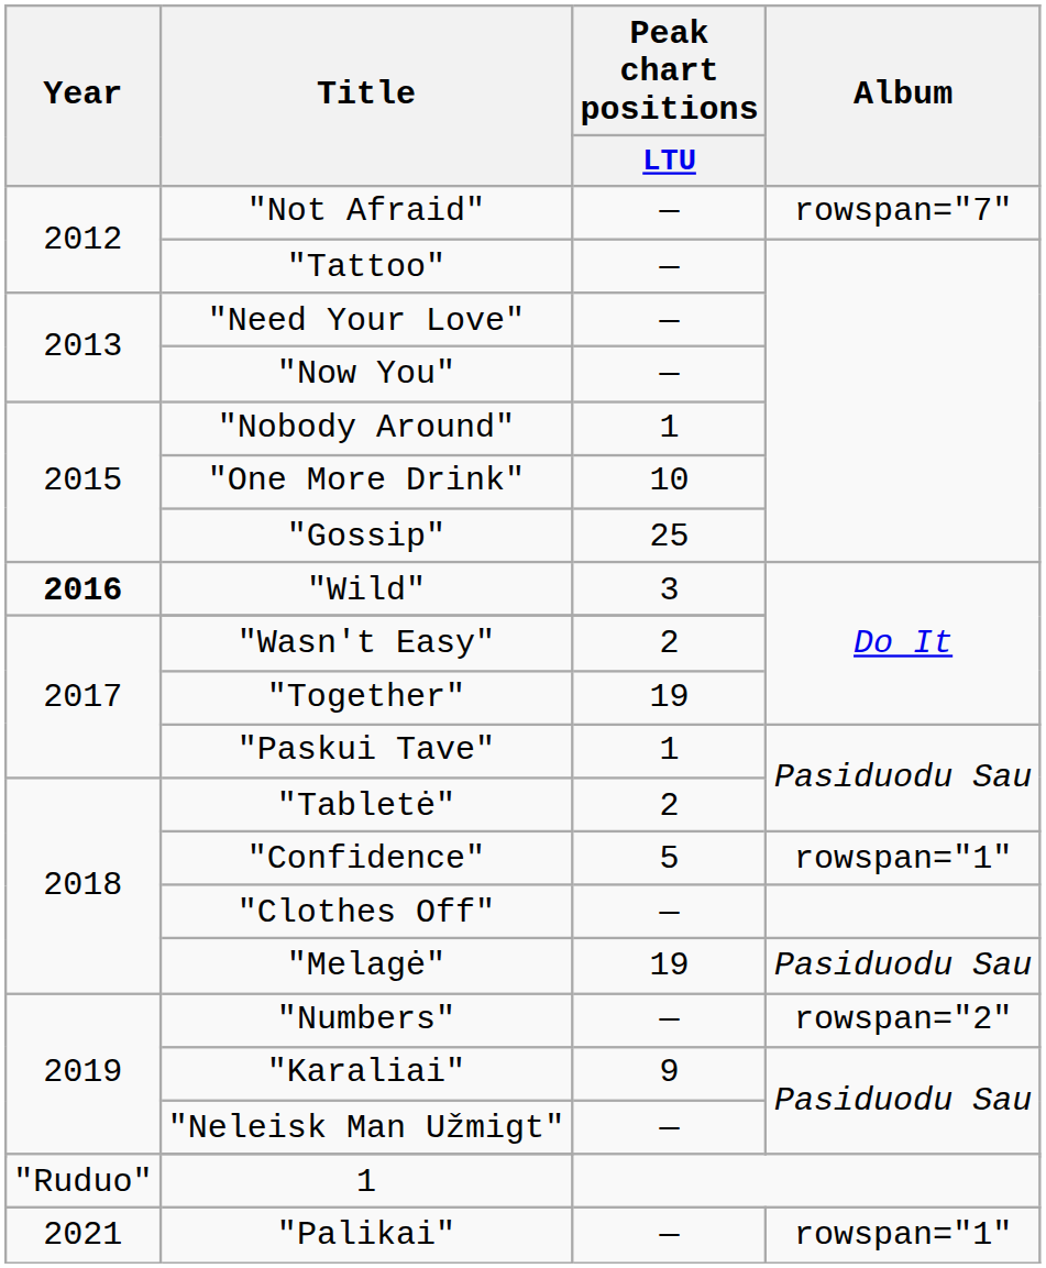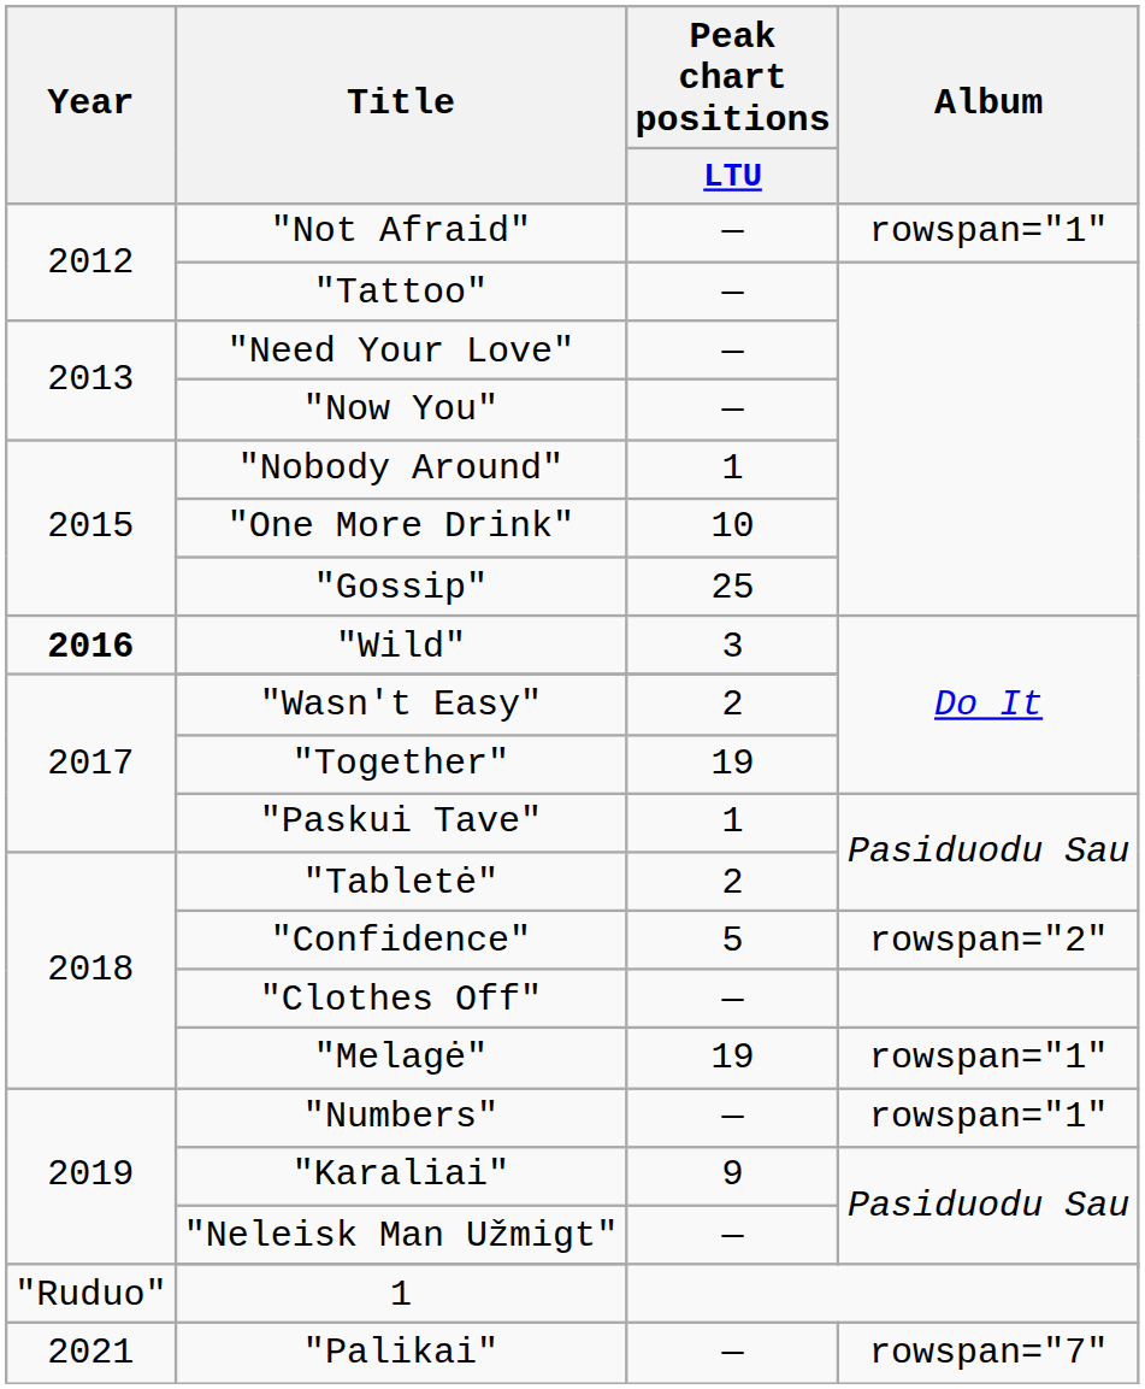 <table class="wikitable plainrowheaders" style="text-align:center;">
 <tr>
 <th scope="col" rowspan="2">Year</th>
 <th scope="col" rowspan="2">Title</th>
 <th scope="col">Peak<br>chart<br>positions</th>
 <th scope="col" rowspan="2">Album</th>
 </tr>
 <tr>
 <th scope="col" style="font-size:90%;"><a href='#'>LTU</a><br></th>
 </tr>
 <tr>
 <td rowspan="2">2012</td>
 <td scope="row">"Not Afraid"</td>
 <td>—</td>
-<td>rowspan="7" </td>
+<td>rowspan="1" </td>
 </tr>
 <tr>
 <td scope="row">"Tattoo"</td>
 <td>—</td>
 </tr>
 <tr>
 <td rowspan="2">2013</td>
 <td scope="row">"Need Your Love"</td>
 <td>—</td>
 </tr>
 <tr>
 <td scope="row">"Now You"</td>
 <td>—</td>
 </tr>
 <tr>
 <td rowspan="3">2015</td>
 <td scope="row">"Nobody Around"</td>
 <td>1</td>
 </tr>
 <tr>
 <td scope="row">"One More Drink"</td>
 <td>10</td>
 </tr>
 <tr>
 <td scope="row">"Gossip"</td>
 <td>25</td>
 </tr>
 <tr>
 <td><strong>2016</strong></td>
 <td scope="row">"Wild"</td>
 <td>3</td>
 <td rowspan="4"><em><a href='#'>Do It</a></em></td>
 </tr>
 <tr>
 <td rowspan="4">2017</td>
 </tr>
 <tr>
 <td scope="row">"Wasn't Easy"</td>
 <td>2</td>
 </tr>
 <tr>
 <td scope="row">"Together"</td>
 <td>19</td>
 </tr>
 <tr>
 <td scope="row">"Paskui Tave"</td>
 <td>1</td>
 <td rowspan="2"><em>Pasiduodu Sau</em></td>
 </tr>
 <tr>
 <td rowspan="4">2018</td>
 <td scope="row">"Tabletė"</td>
 <td>2</td>
 </tr>
 <tr>
 <td scope="row">"Confidence"</td>
 <td>5</td>
-<td>rowspan="1" </td>
+<td>rowspan="2" </td>
 </tr>
 <tr>
 <td scope="row">"Clothes Off"</td>
 <td>—</td>
 </tr>
 <tr>
 <td scope="row">"Melagė"</td>
 <td>19</td>
-<td rowspan="1"><em>Pasiduodu Sau</em></td>
+<td>rowspan="1" </td>
 </tr>
 <tr>
 <td rowspan="4">2019</td>
 <td scope="row">"Numbers"</td>
 <td>—</td>
-<td>rowspan="2" </td>
+<td>rowspan="1" </td>
 </tr>
 <tr>
 <td scope="row">"Karaliai"</td>
 <td>9</td>
 <td rowspan="3"><em>Pasiduodu Sau</em></td>
 </tr>
 <tr>
 <td scope="row">"Neleisk Man Užmigt"</td>
 <td>—</td>
 </tr>
 <tr>
 </tr>
 <tr>
 <td scope="row">"Ruduo"</td>
 <td>1</td>
 </tr>
 <tr>
 <td rowspan="4">2021</td>
 <td scope="row">"Palikai"</td>
 <td>—</td>
-<td>rowspan="1" </td>
+<td>rowspan="7" </td>
 </tr>
 </table>
